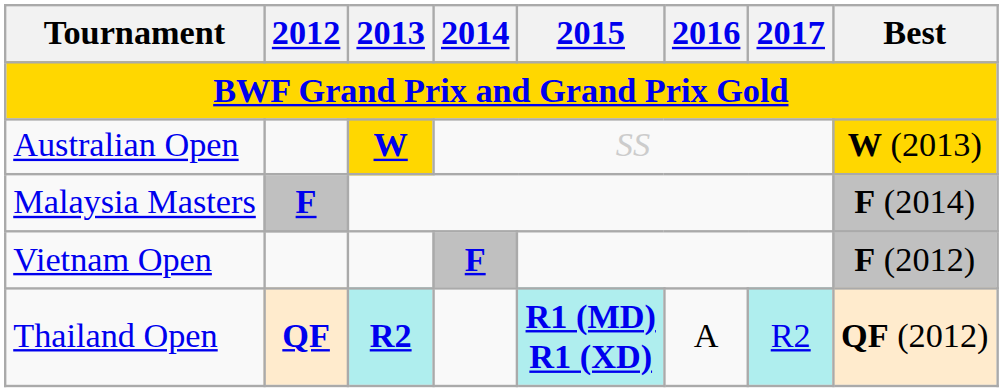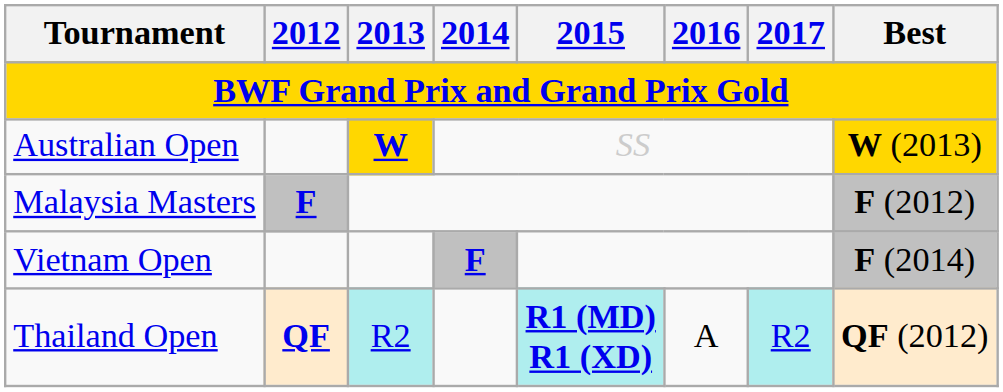 <table style='font-size: 90%; text-align:center;' class='wikitable'>
 <tr>
 <th>Tournament</th>
 <th><a href='#'>2012</a></th>
 <th><a href='#'>2013</a></th>
 <th><a href='#'>2014</a></th>
 <th><a href='#'>2015</a></th>
 <th><a href='#'>2016</a></th>
 <th><a href='#'>2017</a></th>
 <th>Best</th>
 </tr>
 <tr bgcolor=FFD700>
 <td colspan=20 align=center><strong><a href='#'>BWF Grand Prix and Grand Prix Gold</a></strong></td>
 </tr>
 <tr>
 <td align=left><a href='#'>Australian Open</a></td>
 <td></td>
 <td bgcolor=Gold><a href='#'><strong>W</strong></a></td>
 <td colspan="4" style=color:#ccc><em>SS</em></td>
 <td bgcolor=Gold><strong>W</strong> (2013)</td>
 </tr>
 <tr>
 <td align=left><a href='#'>Malaysia Masters</a></td>
 <td bgcolor=Silver><a href='#'><strong>F</strong></a></td>
 <td colspan="5"></td>
-<td bgcolor=Silver><strong>F</strong> (2014)</td>
+<td bgcolor=Silver><strong>F</strong> (2012)</td>
 </tr>
 <tr>
 <td align=left><a href='#'>Vietnam Open</a></td>
 <td></td>
 <td></td>
 <td bgcolor=Silver><a href='#'><strong>F</strong></a></td>
 <td colspan="3"></td>
-<td bgcolor=Silver><strong>F</strong> (2012)</td>
+<td bgcolor=Silver><strong>F</strong> (2014)</td>
 </tr>
 <tr>
 <td align=left><a href='#'>Thailand Open</a></td>
 <td bgcolor=FFEBCD><a href='#'><strong>QF</strong></a></td>
-<td bgcolor=AFEEEE><strong><a href='#'>R2</a></strong></td>
+<td bgcolor=AFEEEE><a href='#'>R2</a></td>
 <td></td>
 <td bgcolor=AFEEEE><strong><a href='#'>R1 (MD)</a><br><a href='#'>R1 (XD)</a></strong></td>
 <td>A</td>
 <td bgcolor=AFEEEE><a href='#'>R2</a></td>
 <td bgcolor=FFEBCD><strong>QF</strong> (2012)</td>
 </tr>
 </table>
